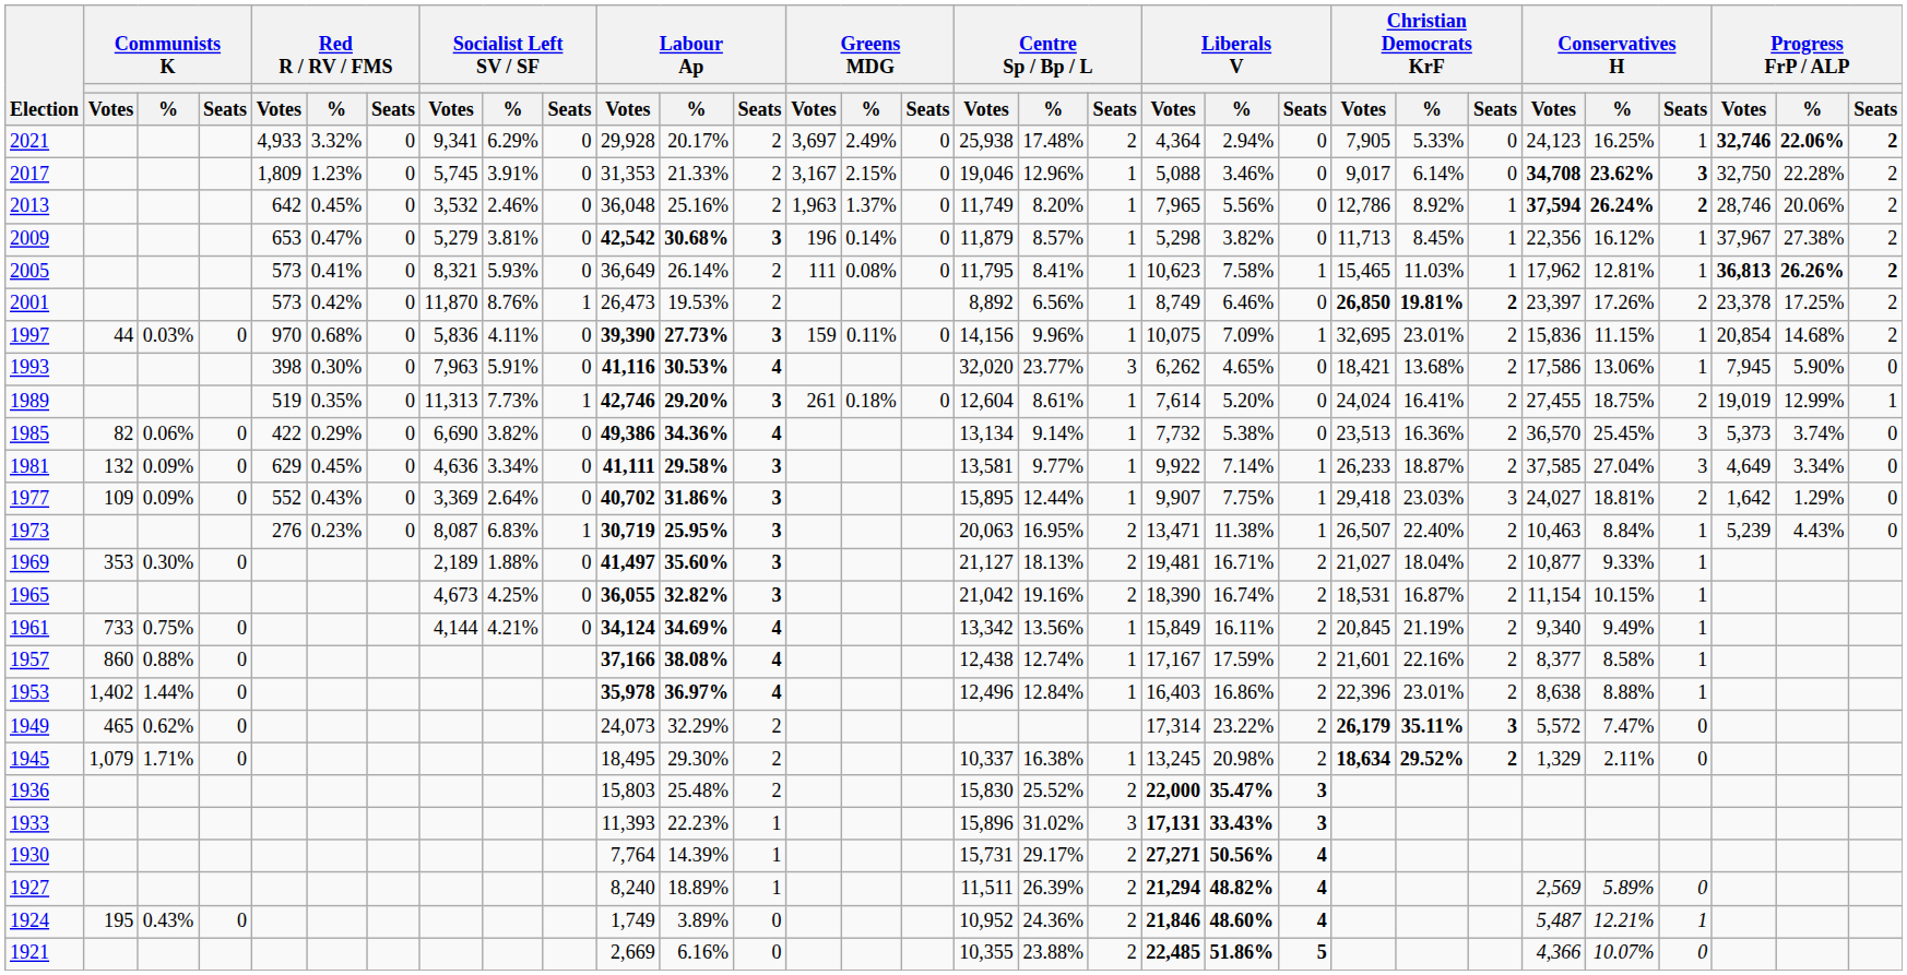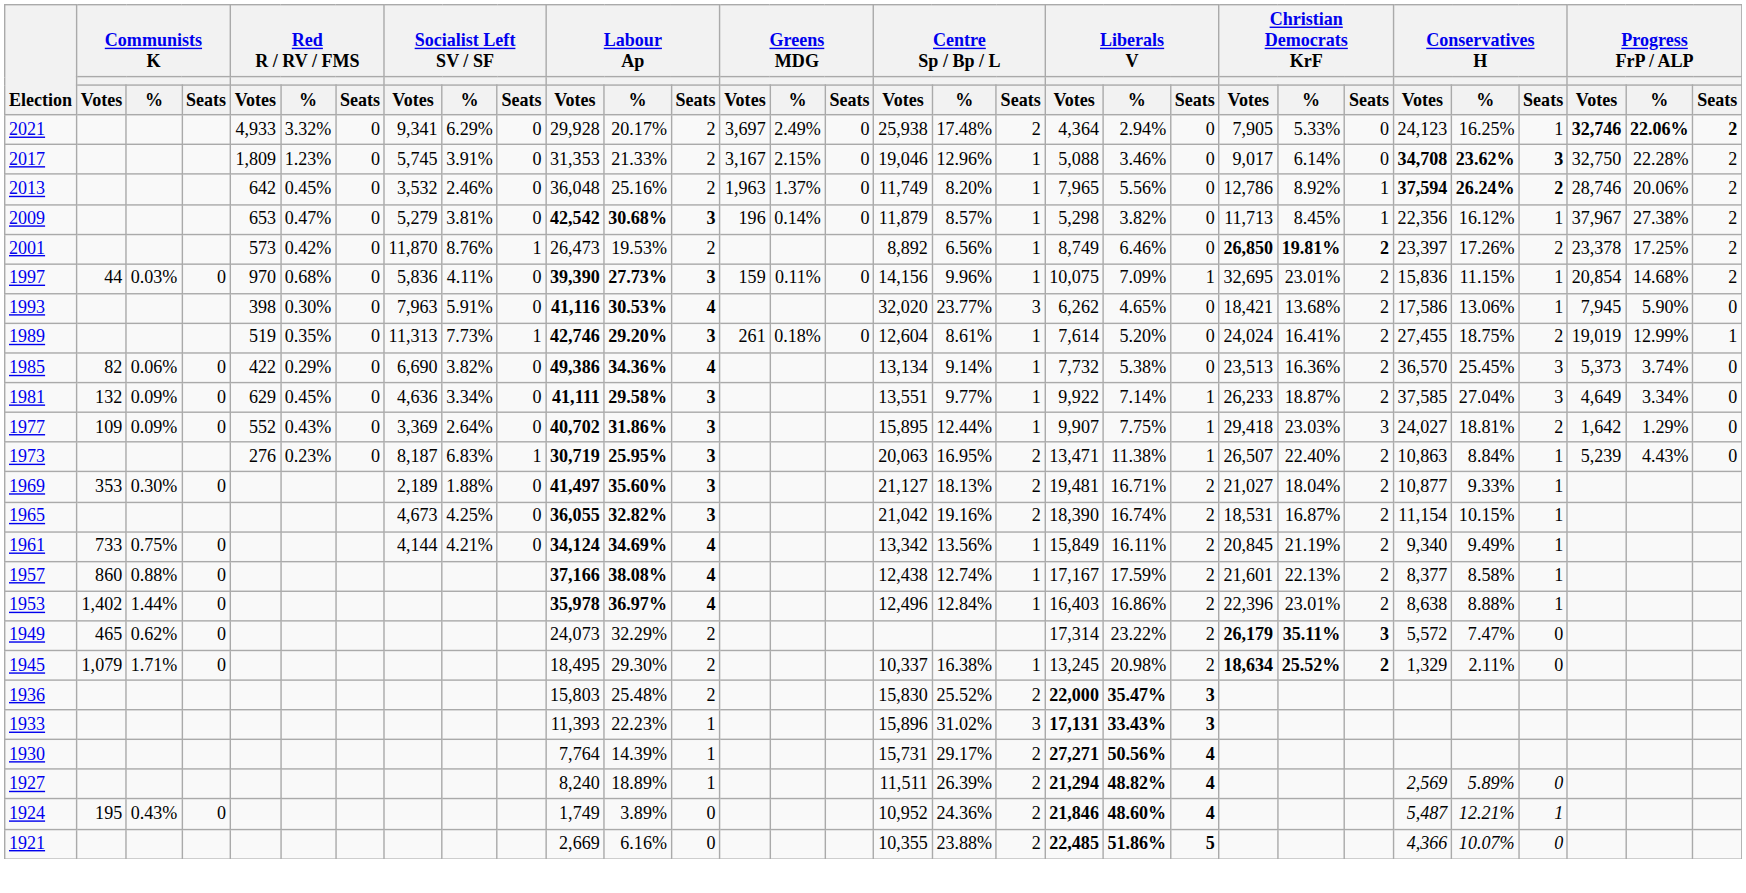 <table class="wikitable" border="1" style="font-size:80%; text-align:right;">
 <tr>
 <th style="text-align:left;" valign=bottom rowspan=3>Election</th>
 <th valign=bottom colspan=3><a href='#'>Communists</a><br>K</th>
 <th valign=bottom colspan=3><a href='#'>Red</a><br>R / RV / FMS</th>
 <th valign=bottom colspan=3><a href='#'>Socialist Left</a><br>SV / SF</th>
 <th valign=bottom colspan=3><a href='#'>Labour</a><br>Ap</th>
 <th valign=bottom colspan=3><a href='#'>Greens</a><br>MDG</th>
 <th valign=bottom colspan=3><a href='#'>Centre</a><br>Sp / Bp / L</th>
 <th valign=bottom colspan=3><a href='#'>Liberals</a><br>V</th>
 <th valign=bottom colspan=3><a href='#'>Christian<br>Democrats</a><br>KrF</th>
 <th valign=bottom colspan=3><a href='#'>Conservatives</a><br>H</th>
 <th valign=bottom colspan=3><a href='#'>Progress</a><br>FrP / ALP</th>
 </tr>
 <tr>
 <th colspan=3 style="background:"></th>
 <th colspan=3 style="background:"></th>
 <th colspan=3 style="background:"></th>
 <th colspan=3 style="background:"></th>
 <th colspan=3 style="background:"></th>
 <th colspan=3 style="background:"></th>
 <th colspan=3 style="background:"></th>
 <th colspan=3 style="background:"></th>
 <th colspan=3 style="background:"></th>
 <th colspan=3 style="background:"></th>
 </tr>
 <tr>
 <th>Votes</th>
 <th>%</th>
 <th>Seats</th>
 <th>Votes</th>
 <th>%</th>
 <th>Seats</th>
 <th>Votes</th>
 <th>%</th>
 <th>Seats</th>
 <th>Votes</th>
 <th>%</th>
 <th>Seats</th>
 <th>Votes</th>
 <th>%</th>
 <th>Seats</th>
 <th>Votes</th>
 <th>%</th>
 <th>Seats</th>
 <th>Votes</th>
 <th>%</th>
 <th>Seats</th>
 <th>Votes</th>
 <th>%</th>
 <th>Seats</th>
 <th>Votes</th>
 <th>%</th>
 <th>Seats</th>
 <th>Votes</th>
 <th>%</th>
 <th>Seats</th>
 </tr>
 <tr>
 <td align=left><a href='#'>2021</a></td>
 <td></td>
 <td></td>
 <td></td>
 <td>4,933</td>
 <td>3.32%</td>
 <td>0</td>
 <td>9,341</td>
 <td>6.29%</td>
 <td>0</td>
 <td>29,928</td>
 <td>20.17%</td>
 <td>2</td>
 <td>3,697</td>
 <td>2.49%</td>
 <td>0</td>
 <td>25,938</td>
 <td>17.48%</td>
 <td>2</td>
 <td>4,364</td>
 <td>2.94%</td>
 <td>0</td>
 <td>7,905</td>
 <td>5.33%</td>
 <td>0</td>
 <td>24,123</td>
 <td>16.25%</td>
 <td>1</td>
 <td><strong>32,746</strong></td>
 <td><strong>22.06%</strong></td>
 <td><strong>2</strong></td>
 </tr>
 <tr>
 <td align=left><a href='#'>2017</a></td>
 <td></td>
 <td></td>
 <td></td>
 <td>1,809</td>
 <td>1.23%</td>
 <td>0</td>
 <td>5,745</td>
 <td>3.91%</td>
 <td>0</td>
 <td>31,353</td>
 <td>21.33%</td>
 <td>2</td>
 <td>3,167</td>
 <td>2.15%</td>
 <td>0</td>
 <td>19,046</td>
 <td>12.96%</td>
 <td>1</td>
 <td>5,088</td>
 <td>3.46%</td>
 <td>0</td>
 <td>9,017</td>
 <td>6.14%</td>
 <td>0</td>
 <td><strong>34,708</strong></td>
 <td><strong>23.62%</strong></td>
 <td><strong>3</strong></td>
 <td>32,750</td>
 <td>22.28%</td>
 <td>2</td>
 </tr>
 <tr>
 <td align=left><a href='#'>2013</a></td>
 <td></td>
 <td></td>
 <td></td>
 <td>642</td>
 <td>0.45%</td>
 <td>0</td>
 <td>3,532</td>
 <td>2.46%</td>
 <td>0</td>
 <td>36,048</td>
 <td>25.16%</td>
 <td>2</td>
 <td>1,963</td>
 <td>1.37%</td>
 <td>0</td>
 <td>11,749</td>
 <td>8.20%</td>
 <td>1</td>
 <td>7,965</td>
 <td>5.56%</td>
 <td>0</td>
 <td>12,786</td>
 <td>8.92%</td>
 <td>1</td>
 <td><strong>37,594</strong></td>
 <td><strong>26.24%</strong></td>
 <td><strong>2</strong></td>
 <td>28,746</td>
 <td>20.06%</td>
 <td>2</td>
 </tr>
 <tr>
 <td align=left><a href='#'>2009</a></td>
 <td></td>
 <td></td>
 <td></td>
 <td>653</td>
 <td>0.47%</td>
 <td>0</td>
 <td>5,279</td>
 <td>3.81%</td>
 <td>0</td>
 <td><strong>42,542</strong></td>
 <td><strong>30.68%</strong></td>
 <td><strong>3</strong></td>
 <td>196</td>
 <td>0.14%</td>
 <td>0</td>
 <td>11,879</td>
 <td>8.57%</td>
 <td>1</td>
 <td>5,298</td>
 <td>3.82%</td>
 <td>0</td>
 <td>11,713</td>
 <td>8.45%</td>
 <td>1</td>
 <td>22,356</td>
 <td>16.12%</td>
 <td>1</td>
 <td>37,967</td>
 <td>27.38%</td>
 <td>2</td>
 </tr>
 <tr>
-<td align=left><a href='#'>2005</a></td>
-<td></td>
-<td></td>
-<td></td>
-<td>573</td>
-<td>0.41%</td>
-<td>0</td>
-<td>8,321</td>
-<td>5.93%</td>
-<td>0</td>
-<td>36,649</td>
-<td>26.14%</td>
-<td>2</td>
-<td>111</td>
-<td>0.08%</td>
-<td>0</td>
-<td>11,795</td>
-<td>8.41%</td>
-<td>1</td>
-<td>10,623</td>
-<td>7.58%</td>
-<td>1</td>
-<td>15,465</td>
-<td>11.03%</td>
-<td>1</td>
-<td>17,962</td>
-<td>12.81%</td>
-<td>1</td>
-<td><strong>36,813</strong></td>
-<td><strong>26.26%</strong></td>
-<td><strong>2</strong></td>
-</tr>
-<tr>
 <td align=left><a href='#'>2001</a></td>
 <td></td>
 <td></td>
 <td></td>
 <td>573</td>
 <td>0.42%</td>
 <td>0</td>
 <td>11,870</td>
 <td>8.76%</td>
 <td>1</td>
 <td>26,473</td>
 <td>19.53%</td>
 <td>2</td>
 <td></td>
 <td></td>
 <td></td>
 <td>8,892</td>
 <td>6.56%</td>
 <td>1</td>
 <td>8,749</td>
 <td>6.46%</td>
 <td>0</td>
 <td><strong>26,850</strong></td>
 <td><strong>19.81%</strong></td>
 <td><strong>2</strong></td>
 <td>23,397</td>
 <td>17.26%</td>
 <td>2</td>
 <td>23,378</td>
 <td>17.25%</td>
 <td>2</td>
 </tr>
 <tr>
 <td align=left><a href='#'>1997</a></td>
 <td>44</td>
 <td>0.03%</td>
 <td>0</td>
 <td>970</td>
 <td>0.68%</td>
 <td>0</td>
 <td>5,836</td>
 <td>4.11%</td>
 <td>0</td>
 <td><strong>39,390</strong></td>
 <td><strong>27.73%</strong></td>
 <td><strong>3</strong></td>
 <td>159</td>
 <td>0.11%</td>
 <td>0</td>
 <td>14,156</td>
 <td>9.96%</td>
 <td>1</td>
 <td>10,075</td>
 <td>7.09%</td>
 <td>1</td>
 <td>32,695</td>
 <td>23.01%</td>
 <td>2</td>
 <td>15,836</td>
 <td>11.15%</td>
 <td>1</td>
 <td>20,854</td>
 <td>14.68%</td>
 <td>2</td>
 </tr>
 <tr>
 <td align=left><a href='#'>1993</a></td>
 <td></td>
 <td></td>
 <td></td>
 <td>398</td>
 <td>0.30%</td>
 <td>0</td>
 <td>7,963</td>
 <td>5.91%</td>
 <td>0</td>
 <td><strong>41,116</strong></td>
 <td><strong>30.53%</strong></td>
 <td><strong>4</strong></td>
 <td></td>
 <td></td>
 <td></td>
 <td>32,020</td>
 <td>23.77%</td>
 <td>3</td>
 <td>6,262</td>
 <td>4.65%</td>
 <td>0</td>
 <td>18,421</td>
 <td>13.68%</td>
 <td>2</td>
 <td>17,586</td>
 <td>13.06%</td>
 <td>1</td>
 <td>7,945</td>
 <td>5.90%</td>
 <td>0</td>
 </tr>
 <tr>
 <td align=left><a href='#'>1989</a></td>
 <td></td>
 <td></td>
 <td></td>
 <td>519</td>
 <td>0.35%</td>
 <td>0</td>
 <td>11,313</td>
 <td>7.73%</td>
 <td>1</td>
 <td><strong>42,746</strong></td>
 <td><strong>29.20%</strong></td>
 <td><strong>3</strong></td>
 <td>261</td>
 <td>0.18%</td>
 <td>0</td>
 <td>12,604</td>
 <td>8.61%</td>
 <td>1</td>
 <td>7,614</td>
 <td>5.20%</td>
 <td>0</td>
 <td>24,024</td>
 <td>16.41%</td>
 <td>2</td>
 <td>27,455</td>
 <td>18.75%</td>
 <td>2</td>
 <td>19,019</td>
 <td>12.99%</td>
 <td>1</td>
 </tr>
 <tr>
 <td align=left><a href='#'>1985</a></td>
 <td>82</td>
 <td>0.06%</td>
 <td>0</td>
 <td>422</td>
 <td>0.29%</td>
 <td>0</td>
 <td>6,690</td>
 <td>3.82%</td>
 <td>0</td>
 <td><strong>49,386</strong></td>
 <td><strong>34.36%</strong></td>
 <td><strong>4</strong></td>
 <td></td>
 <td></td>
 <td></td>
 <td>13,134</td>
 <td>9.14%</td>
 <td>1</td>
 <td>7,732</td>
 <td>5.38%</td>
 <td>0</td>
 <td>23,513</td>
 <td>16.36%</td>
 <td>2</td>
 <td>36,570</td>
 <td>25.45%</td>
 <td>3</td>
 <td>5,373</td>
 <td>3.74%</td>
 <td>0</td>
 </tr>
 <tr>
 <td align=left><a href='#'>1981</a></td>
 <td>132</td>
 <td>0.09%</td>
 <td>0</td>
 <td>629</td>
 <td>0.45%</td>
 <td>0</td>
 <td>4,636</td>
 <td>3.34%</td>
 <td>0</td>
 <td><strong>41,111</strong></td>
 <td><strong>29.58%</strong></td>
 <td><strong>3</strong></td>
 <td></td>
 <td></td>
 <td></td>
-<td>13,581</td>
+<td>13,551</td>
 <td>9.77%</td>
 <td>1</td>
 <td>9,922</td>
 <td>7.14%</td>
 <td>1</td>
 <td>26,233</td>
 <td>18.87%</td>
 <td>2</td>
 <td>37,585</td>
 <td>27.04%</td>
 <td>3</td>
 <td>4,649</td>
 <td>3.34%</td>
 <td>0</td>
 </tr>
 <tr>
 <td align=left><a href='#'>1977</a></td>
 <td>109</td>
 <td>0.09%</td>
 <td>0</td>
 <td>552</td>
 <td>0.43%</td>
 <td>0</td>
 <td>3,369</td>
 <td>2.64%</td>
 <td>0</td>
 <td><strong>40,702</strong></td>
 <td><strong>31.86%</strong></td>
 <td><strong>3</strong></td>
 <td></td>
 <td></td>
 <td></td>
 <td>15,895</td>
 <td>12.44%</td>
 <td>1</td>
 <td>9,907</td>
 <td>7.75%</td>
 <td>1</td>
 <td>29,418</td>
 <td>23.03%</td>
 <td>3</td>
 <td>24,027</td>
 <td>18.81%</td>
 <td>2</td>
 <td>1,642</td>
 <td>1.29%</td>
 <td>0</td>
 </tr>
 <tr>
 <td align=left><a href='#'>1973</a></td>
 <td></td>
 <td></td>
 <td></td>
 <td>276</td>
 <td>0.23%</td>
 <td>0</td>
-<td>8,087</td>
+<td>8,187</td>
 <td>6.83%</td>
 <td>1</td>
 <td><strong>30,719</strong></td>
 <td><strong>25.95%</strong></td>
 <td><strong>3</strong></td>
 <td></td>
 <td></td>
 <td></td>
 <td>20,063</td>
 <td>16.95%</td>
 <td>2</td>
 <td>13,471</td>
 <td>11.38%</td>
 <td>1</td>
 <td>26,507</td>
 <td>22.40%</td>
 <td>2</td>
-<td>10,463</td>
+<td>10,863</td>
 <td>8.84%</td>
 <td>1</td>
 <td>5,239</td>
 <td>4.43%</td>
 <td>0</td>
 </tr>
 <tr>
 <td align=left><a href='#'>1969</a></td>
 <td>353</td>
 <td>0.30%</td>
 <td>0</td>
 <td></td>
 <td></td>
 <td></td>
 <td>2,189</td>
 <td>1.88%</td>
 <td>0</td>
 <td><strong>41,497</strong></td>
 <td><strong>35.60%</strong></td>
 <td><strong>3</strong></td>
 <td></td>
 <td></td>
 <td></td>
 <td>21,127</td>
 <td>18.13%</td>
 <td>2</td>
 <td>19,481</td>
 <td>16.71%</td>
 <td>2</td>
 <td>21,027</td>
 <td>18.04%</td>
 <td>2</td>
 <td>10,877</td>
 <td>9.33%</td>
 <td>1</td>
 <td></td>
 <td></td>
 <td></td>
 </tr>
 <tr>
 <td align=left><a href='#'>1965</a></td>
 <td></td>
 <td></td>
 <td></td>
 <td></td>
 <td></td>
 <td></td>
 <td>4,673</td>
 <td>4.25%</td>
 <td>0</td>
 <td><strong>36,055</strong></td>
 <td><strong>32.82%</strong></td>
 <td><strong>3</strong></td>
 <td></td>
 <td></td>
 <td></td>
 <td>21,042</td>
 <td>19.16%</td>
 <td>2</td>
 <td>18,390</td>
 <td>16.74%</td>
 <td>2</td>
 <td>18,531</td>
 <td>16.87%</td>
 <td>2</td>
 <td>11,154</td>
 <td>10.15%</td>
 <td>1</td>
 <td></td>
 <td></td>
 <td></td>
 </tr>
 <tr>
 <td align=left><a href='#'>1961</a></td>
 <td>733</td>
 <td>0.75%</td>
 <td>0</td>
 <td></td>
 <td></td>
 <td></td>
 <td>4,144</td>
 <td>4.21%</td>
 <td>0</td>
 <td><strong>34,124</strong></td>
 <td><strong>34.69%</strong></td>
 <td><strong>4</strong></td>
 <td></td>
 <td></td>
 <td></td>
 <td>13,342</td>
 <td>13.56%</td>
 <td>1</td>
 <td>15,849</td>
 <td>16.11%</td>
 <td>2</td>
 <td>20,845</td>
 <td>21.19%</td>
 <td>2</td>
 <td>9,340</td>
 <td>9.49%</td>
 <td>1</td>
 <td></td>
 <td></td>
 <td></td>
 </tr>
 <tr>
 <td align=left><a href='#'>1957</a></td>
 <td>860</td>
 <td>0.88%</td>
 <td>0</td>
 <td></td>
 <td></td>
 <td></td>
 <td></td>
 <td></td>
 <td></td>
 <td><strong>37,166</strong></td>
 <td><strong>38.08%</strong></td>
 <td><strong>4</strong></td>
 <td></td>
 <td></td>
 <td></td>
 <td>12,438</td>
 <td>12.74%</td>
 <td>1</td>
 <td>17,167</td>
 <td>17.59%</td>
 <td>2</td>
 <td>21,601</td>
-<td>22.16%</td>
+<td>22.13%</td>
 <td>2</td>
 <td>8,377</td>
 <td>8.58%</td>
 <td>1</td>
 <td></td>
 <td></td>
 <td></td>
 </tr>
 <tr>
 <td align=left><a href='#'>1953</a></td>
 <td>1,402</td>
 <td>1.44%</td>
 <td>0</td>
 <td></td>
 <td></td>
 <td></td>
 <td></td>
 <td></td>
 <td></td>
 <td><strong>35,978</strong></td>
 <td><strong>36.97%</strong></td>
 <td><strong>4</strong></td>
 <td></td>
 <td></td>
 <td></td>
 <td>12,496</td>
 <td>12.84%</td>
 <td>1</td>
 <td>16,403</td>
 <td>16.86%</td>
 <td>2</td>
 <td>22,396</td>
 <td>23.01%</td>
 <td>2</td>
 <td>8,638</td>
 <td>8.88%</td>
 <td>1</td>
 <td></td>
 <td></td>
 <td></td>
 </tr>
 <tr>
 <td align=left><a href='#'>1949</a></td>
 <td>465</td>
 <td>0.62%</td>
 <td>0</td>
 <td></td>
 <td></td>
 <td></td>
 <td></td>
 <td></td>
 <td></td>
 <td>24,073</td>
 <td>32.29%</td>
 <td>2</td>
 <td></td>
 <td></td>
 <td></td>
 <td></td>
 <td></td>
 <td></td>
 <td>17,314</td>
 <td>23.22%</td>
 <td>2</td>
 <td><strong>26,179</strong></td>
 <td><strong>35.11%</strong></td>
 <td><strong>3</strong></td>
 <td>5,572</td>
 <td>7.47%</td>
 <td>0</td>
 <td></td>
 <td></td>
 <td></td>
 </tr>
 <tr>
 <td align=left><a href='#'>1945</a></td>
 <td>1,079</td>
 <td>1.71%</td>
 <td>0</td>
 <td></td>
 <td></td>
 <td></td>
 <td></td>
 <td></td>
 <td></td>
 <td>18,495</td>
 <td>29.30%</td>
 <td>2</td>
 <td></td>
 <td></td>
 <td></td>
 <td>10,337</td>
 <td>16.38%</td>
 <td>1</td>
 <td>13,245</td>
 <td>20.98%</td>
 <td>2</td>
 <td><strong>18,634</strong></td>
-<td><strong>29.52%</strong></td>
+<td><strong>25.52%</strong></td>
 <td><strong>2</strong></td>
 <td>1,329</td>
 <td>2.11%</td>
 <td>0</td>
 <td></td>
 <td></td>
 <td></td>
 </tr>
 <tr>
 <td align=left><a href='#'>1936</a></td>
 <td></td>
 <td></td>
 <td></td>
 <td></td>
 <td></td>
 <td></td>
 <td></td>
 <td></td>
 <td></td>
 <td>15,803</td>
 <td>25.48%</td>
 <td>2</td>
 <td></td>
 <td></td>
 <td></td>
 <td>15,830</td>
 <td>25.52%</td>
 <td>2</td>
 <td><strong>22,000</strong></td>
 <td><strong>35.47%</strong></td>
 <td><strong>3</strong></td>
 <td></td>
 <td></td>
 <td></td>
 <td></td>
 <td></td>
 <td></td>
 <td></td>
 <td></td>
 <td></td>
 </tr>
 <tr>
 <td align=left><a href='#'>1933</a></td>
 <td></td>
 <td></td>
 <td></td>
 <td></td>
 <td></td>
 <td></td>
 <td></td>
 <td></td>
 <td></td>
 <td>11,393</td>
 <td>22.23%</td>
 <td>1</td>
 <td></td>
 <td></td>
 <td></td>
 <td>15,896</td>
 <td>31.02%</td>
 <td>3</td>
 <td><strong>17,131</strong></td>
 <td><strong>33.43%</strong></td>
 <td><strong>3</strong></td>
 <td></td>
 <td></td>
 <td></td>
 <td></td>
 <td></td>
 <td></td>
 <td></td>
 <td></td>
 <td></td>
 </tr>
 <tr>
 <td align=left><a href='#'>1930</a></td>
 <td></td>
 <td></td>
 <td></td>
 <td></td>
 <td></td>
 <td></td>
 <td></td>
 <td></td>
 <td></td>
 <td>7,764</td>
 <td>14.39%</td>
 <td>1</td>
 <td></td>
 <td></td>
 <td></td>
 <td>15,731</td>
 <td>29.17%</td>
 <td>2</td>
 <td><strong>27,271</strong></td>
 <td><strong>50.56%</strong></td>
 <td><strong>4</strong></td>
 <td></td>
 <td></td>
 <td></td>
 <td></td>
 <td></td>
 <td></td>
 <td></td>
 <td></td>
 <td></td>
 </tr>
 <tr>
 <td align=left><a href='#'>1927</a></td>
 <td></td>
 <td></td>
 <td></td>
 <td></td>
 <td></td>
 <td></td>
 <td></td>
 <td></td>
 <td></td>
 <td>8,240</td>
 <td>18.89%</td>
 <td>1</td>
 <td></td>
 <td></td>
 <td></td>
 <td>11,511</td>
 <td>26.39%</td>
 <td>2</td>
 <td><strong>21,294</strong></td>
 <td><strong>48.82%</strong></td>
 <td><strong>4</strong></td>
 <td></td>
 <td></td>
 <td></td>
 <td><em>2,569</em></td>
 <td><em>5.89%</em></td>
 <td><em>0</em></td>
 <td></td>
 <td></td>
 <td></td>
 </tr>
 <tr>
 <td align=left><a href='#'>1924</a></td>
 <td>195</td>
 <td>0.43%</td>
 <td>0</td>
 <td></td>
 <td></td>
 <td></td>
 <td></td>
 <td></td>
 <td></td>
 <td>1,749</td>
 <td>3.89%</td>
 <td>0</td>
 <td></td>
 <td></td>
 <td></td>
 <td>10,952</td>
 <td>24.36%</td>
 <td>2</td>
 <td><strong>21,846</strong></td>
 <td><strong>48.60%</strong></td>
 <td><strong>4</strong></td>
 <td></td>
 <td></td>
 <td></td>
 <td><em>5,487</em></td>
 <td><em>12.21%</em></td>
 <td><em>1</em></td>
 <td></td>
 <td></td>
 <td></td>
 </tr>
 <tr>
 <td align=left><a href='#'>1921</a></td>
 <td></td>
 <td></td>
 <td></td>
 <td></td>
 <td></td>
 <td></td>
 <td></td>
 <td></td>
 <td></td>
 <td>2,669</td>
 <td>6.16%</td>
 <td>0</td>
 <td></td>
 <td></td>
 <td></td>
 <td>10,355</td>
 <td>23.88%</td>
 <td>2</td>
 <td><strong>22,485</strong></td>
 <td><strong>51.86%</strong></td>
 <td><strong>5</strong></td>
 <td></td>
 <td></td>
 <td></td>
 <td><em>4,366</em></td>
 <td><em>10.07%</em></td>
 <td><em>0</em></td>
 <td></td>
 <td></td>
 <td></td>
 </tr>
 </table>
